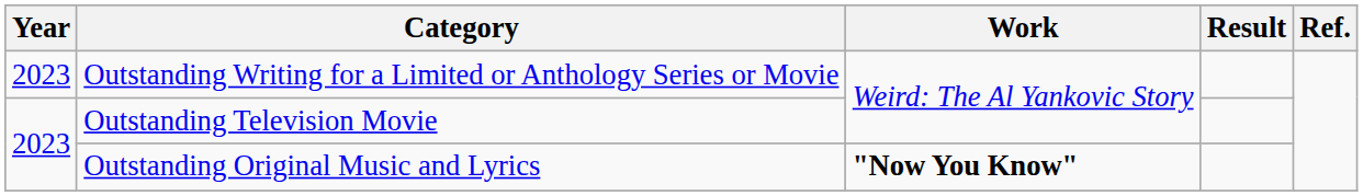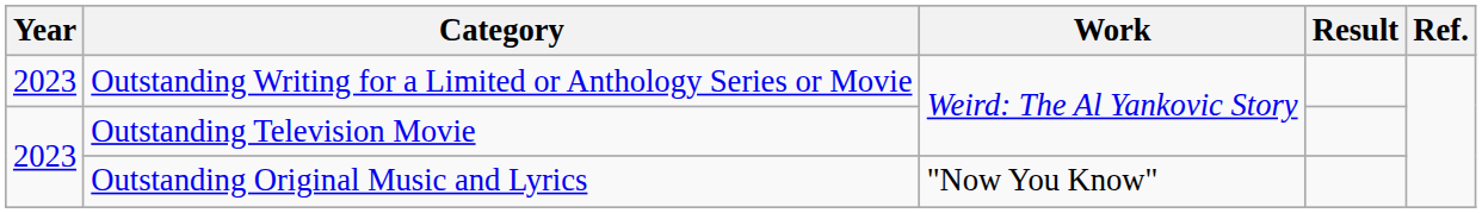 <table class="wikitable">
 <tr>
 <th>Year</th>
 <th>Category</th>
 <th>Work</th>
 <th>Result</th>
 <th>Ref.</th>
 </tr>
 <tr>
 <td><a href='#'>2023</a></td>
 <td><a href='#'>Outstanding Writing for a Limited or Anthology Series or Movie</a></td>
 <td rowspan="2"><em><a href='#'>Weird: The Al Yankovic Story</a></em></td>
 <td></td>
 <td align="center" rowspan="3"></td>
 </tr>
 <tr>
 <td rowspan="2"><a href='#'>2023</a></td>
 <td><a href='#'>Outstanding Television Movie</a></td>
 <td></td>
 </tr>
 <tr>
 <td><a href='#'>Outstanding Original Music and Lyrics</a></td>
-<td><strong>"Now You Know"</strong></td>
+<td>"Now You Know"</td>
 <td></td>
 </tr>
 </table>
